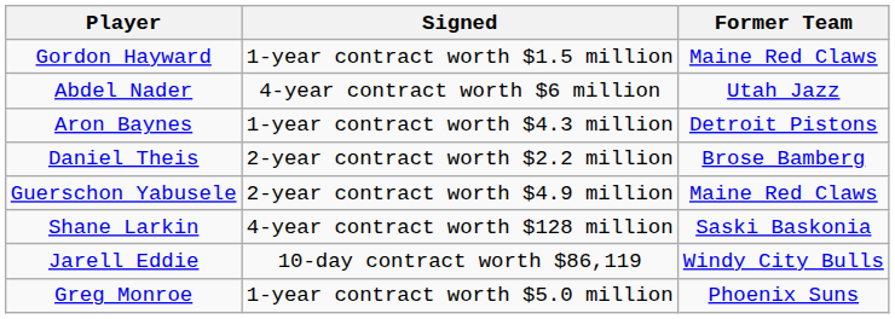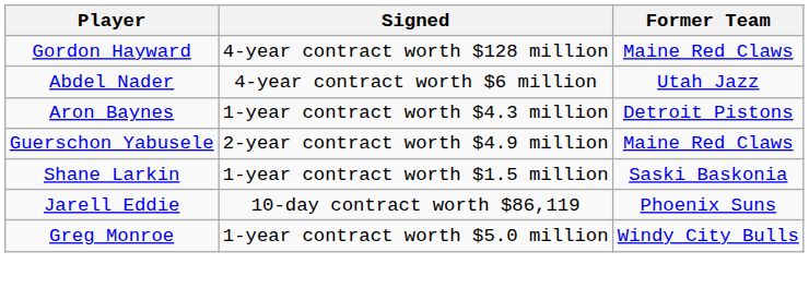 <table class="wikitable sortable sortable">
 <tr>
 <th>Player</th>
 <th>Signed</th>
 <th>Former Team</th>
 </tr>
 <tr style="text-align: center">
 <td><a href='#'>Gordon Hayward</a></td>
-<td>1-year contract worth $1.5 million</td>
+<td>4-year contract worth $128 million</td>
 <td><a href='#'>Maine Red Claws</a></td>
 </tr>
 <tr style="text-align: center">
 <td><a href='#'>Abdel Nader</a></td>
 <td>4-year contract worth $6 million</td>
 <td><a href='#'>Utah Jazz</a></td>
 </tr>
 <tr style="text-align: center">
 <td><a href='#'>Aron Baynes</a></td>
 <td>1-year contract worth $4.3 million</td>
 <td><a href='#'>Detroit Pistons</a></td>
 </tr>
 <tr style="text-align: center">
-<td><a href='#'>Daniel Theis</a></td>
-<td>2-year contract worth $2.2 million</td>
-<td> <a href='#'>Brose Bamberg</a></td>
-</tr>
-<tr style="text-align: center">
 <td><a href='#'>Guerschon Yabusele</a></td>
 <td>2-year contract worth $4.9 million</td>
 <td><a href='#'>Maine Red Claws</a></td>
 </tr>
 <tr style="text-align: center">
 <td><a href='#'>Shane Larkin</a></td>
-<td>4-year contract worth $128 million</td>
+<td>1-year contract worth $1.5 million</td>
 <td> <a href='#'>Saski Baskonia</a></td>
 </tr>
 <tr style="text-align: center">
 <td><a href='#'>Jarell Eddie</a></td>
 <td>10-day contract worth $86,119</td>
-<td><a href='#'>Windy City Bulls</a></td>
+<td><a href='#'>Phoenix Suns</a></td>
 </tr>
 <tr style="text-align: center">
 <td><a href='#'>Greg Monroe</a></td>
 <td>1-year contract worth $5.0 million</td>
-<td><a href='#'>Phoenix Suns</a></td>
+<td><a href='#'>Windy City Bulls</a></td>
 </tr>
 </table>
